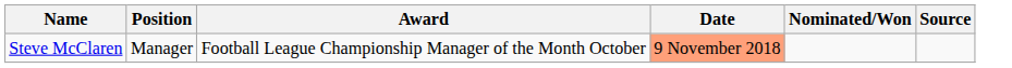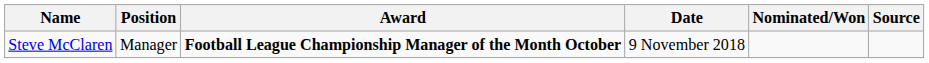 <table class="wikitable sortable" style="text-align:left; font-size:95%;">
 <tr>
 <th>Name</th>
 <th>Position</th>
 <th>Award</th>
 <th>Date</th>
 <th>Nominated/Won</th>
 <th>Source</th>
 </tr>
 <tr>
 <td><a href='#'>Steve McClaren</a></td>
 <td>Manager</td>
-<td>Football League Championship Manager of the Month October</td>
-<td style="background: lightsalmon;">9 November 2018</td>
+<td><strong>Football League Championship Manager of the Month October</strong></td>
+<td>9 November 2018</td>
 <td></td>
 <td></td>
 </tr>
 <tr>
 </tr>
 </table>
